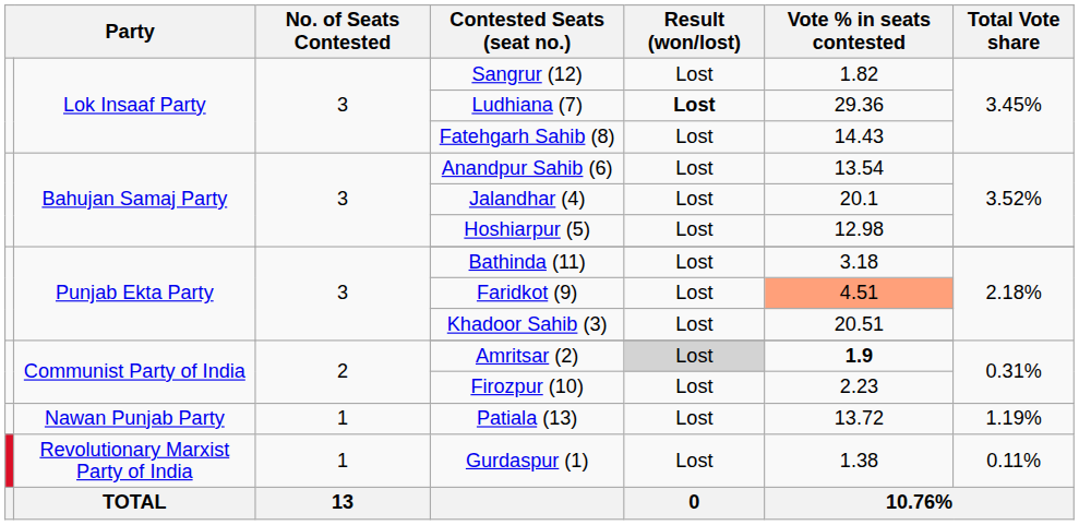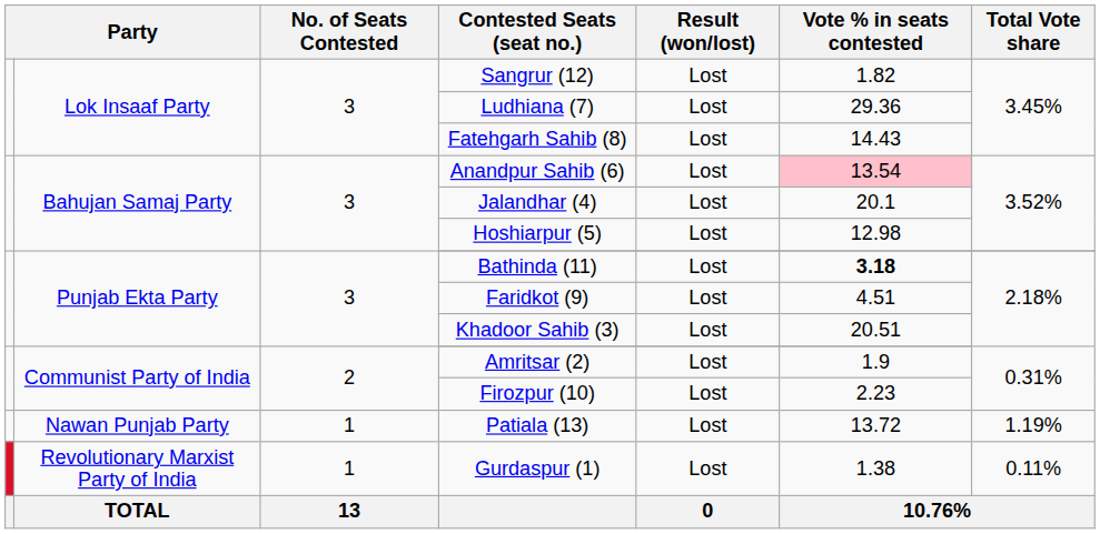 <table class="wikitable" style="text-align:center">
 <tr>
 <th colspan=2>Party</th>
 <th>No. of Seats Contested</th>
 <th>Contested Seats (seat no.)</th>
 <th>Result (won/lost)</th>
 <th>Vote % in seats contested</th>
 <th>Total Vote share</th>
 </tr>
 <tr>
 <td rowspan=3></td>
 <td rowspan=3><a href='#'>Lok Insaaf Party</a></td>
 <td rowspan=3>3</td>
 <td><a href='#'>Sangrur</a> (12)</td>
 <td>Lost</td>
 <td>1.82</td>
 <td rowspan=3>3.45%</td>
 </tr>
 <tr>
 <td><a href='#'>Ludhiana</a> (7)</td>
-<td><strong>Lost</strong></td>
+<td>Lost</td>
 <td>29.36</td>
 </tr>
 <tr>
 <td><a href='#'>Fatehgarh Sahib</a> (8)</td>
 <td>Lost</td>
 <td>14.43</td>
 </tr>
 <tr>
 <td rowspan=3></td>
 <td rowspan=3><a href='#'>Bahujan Samaj Party</a></td>
 <td rowspan=3>3</td>
 <td><a href='#'>Anandpur Sahib</a> (6)</td>
 <td>Lost</td>
-<td>13.54</td>
+<td style="background: pink;">13.54</td>
 <td rowspan=3>3.52%</td>
 </tr>
 <tr>
 <td><a href='#'>Jalandhar</a> (4)</td>
 <td>Lost</td>
 <td>20.1</td>
 </tr>
 <tr>
 <td><a href='#'>Hoshiarpur</a> (5)</td>
 <td>Lost</td>
 <td>12.98</td>
 </tr>
 <tr>
 <td rowspan=4></td>
 <td rowspan=4><a href='#'>Punjab Ekta Party</a></td>
 <td rowspan=4>3</td>
 </tr>
 <tr>
 <td><a href='#'>Bathinda</a> (11)</td>
 <td>Lost</td>
-<td>3.18</td>
+<td><strong>3.18</strong></td>
 <td rowspan=4>2.18%</td>
 </tr>
 <tr>
 <td><a href='#'>Faridkot</a> (9)</td>
 <td>Lost</td>
-<td style="background: lightsalmon;">4.51</td>
+<td>4.51</td>
 </tr>
 <tr>
 <td><a href='#'>Khadoor Sahib</a> (3)</td>
 <td>Lost</td>
 <td>20.51</td>
 </tr>
 <tr>
 <td rowspan=3></td>
 <td rowspan=3><a href='#'>Communist Party of India</a></td>
 <td rowspan=3>2</td>
 </tr>
 <tr>
 <td><a href='#'>Amritsar</a> (2)</td>
-<td style="background: lightgrey;">Lost</td>
-<td><strong>1.9</strong></td>
+<td>Lost</td>
+<td>1.9</td>
 <td rowspan=2>0.31%</td>
 </tr>
 <tr>
 <td><a href='#'>Firozpur</a> (10)</td>
 <td>Lost</td>
 <td>2.23</td>
 </tr>
 <tr>
 <td rowspan=1></td>
 <td><a href='#'>Nawan Punjab Party</a></td>
 <td>1</td>
 <td><a href='#'>Patiala</a> (13)</td>
 <td>Lost</td>
 <td>13.72</td>
 <td>1.19%</td>
 </tr>
 <tr>
 <td bgcolor=#DB0F27></td>
 <td><a href='#'>Revolutionary Marxist Party of India</a></td>
 <td>1</td>
 <td><a href='#'>Gurdaspur</a> (1)</td>
 <td>Lost</td>
 <td>1.38</td>
 <td>0.11%</td>
 </tr>
 <tr>
 <th></th>
 <th>TOTAL</th>
 <th>13</th>
 <th></th>
 <th>0</th>
 <th colspan=2>10.76%</th>
 </tr>
 </table>
